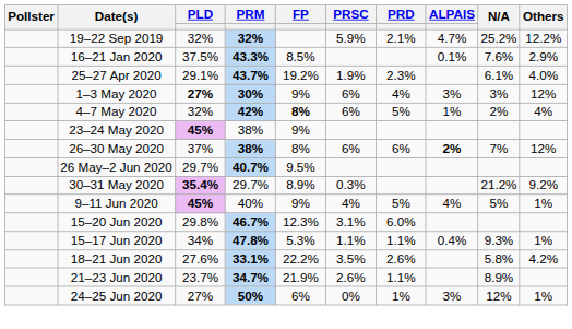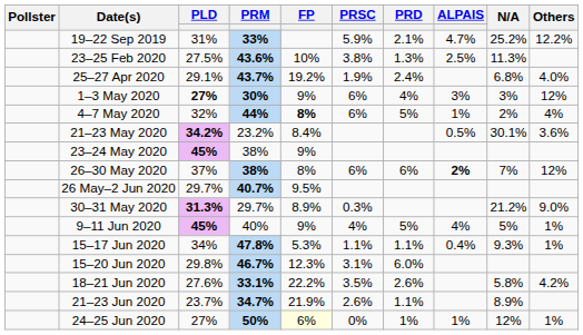 <table class="wikitable sortable" style="text-align:center;font-size:90%;line-height:14px;">
 <tr>
 <th rowspan="2">Pollster</th>
 <th rowspan="2">Date(s)</th>
 <th style="width:50px;"><a href='#'>PLD</a></th>
 <th style="width:50px;"><a href='#'>PRM</a></th>
 <th style="width:50px;"><a href='#'>FP</a></th>
 <th style="width:50px;"><a href='#'>PRSC</a></th>
 <th style="width:50px;"><a href='#'>PRD</a></th>
 <th style="width:50px;"><a href='#'>ALPAIS</a></th>
 <th rowspan="2">N/A</th>
 <th rowspan="2">Others</th>
 </tr>
 <tr>
 <th style="background:"></th>
 <th style="background:"></th>
 <th style="background:"></th>
 <th style="background:"></th>
 <th style="background:"></th>
 <th style="background:"></th>
 </tr>
 <tr>
 <td></td>
 <td>19–22 Sep 2019</td>
-<td>32%</td>
-<td style="background:#BCDAF5;"><strong>32%</strong></td>
+<td>31%</td>
+<td style="background:#BCDAF5;"><strong>33%</strong></td>
 <td></td>
 <td>5.9%</td>
 <td>2.1%</td>
 <td>4.7%</td>
 <td>25.2%</td>
 <td>12.2%</td>
 </tr>
 <tr>
 <td></td>
-<td>16–21 Jan 2020</td>
-<td>37.5%</td>
-<td style="background:#BCDAF5;"><strong>43.3%</strong></td>
-<td>8.5%</td>
+<td>23–25 Feb 2020</td>
+<td>27.5%</td>
+<td style="background:#BCDAF5;"><strong>43.6%</strong></td>
+<td>10%</td>
+<td>3.8%</td>
+<td>1.3%</td>
+<td>2.5%</td>
+<td>11.3%</td>
 <td></td>
-<td></td>
-<td>0.1%</td>
-<td>7.6%</td>
-<td>2.9%</td>
 </tr>
 <tr>
 <td></td>
 <td>25–27 Apr 2020</td>
 <td>29.1%</td>
 <td style="background:#BCDAF5;"><strong>43.7%</strong></td>
 <td>19.2%</td>
 <td>1.9%</td>
-<td>2.3%</td>
+<td>2.4%</td>
 <td></td>
-<td>6.1%</td>
+<td>6.8%</td>
 <td>4.0%</td>
 </tr>
 <tr>
 <td></td>
 <td>1–3 May 2020</td>
 <td><strong>27%</strong></td>
 <td style="background:#BCDAF5;"><strong>30%</strong></td>
 <td>9%</td>
 <td>6%</td>
 <td>4%</td>
 <td>3%</td>
 <td>3%</td>
 <td>12%</td>
 </tr>
 <tr>
 <td></td>
 <td>4–7 May 2020</td>
 <td>32%</td>
-<td style="background:#BCDAF5;"><strong>42%</strong></td>
+<td style="background:#BCDAF5;"><strong>44%</strong></td>
 <td><strong>8%</strong></td>
 <td>6%</td>
 <td>5%</td>
 <td>1%</td>
 <td>2%</td>
 <td>4%</td>
+</tr>
+<tr>
+<td></td>
+<td>21–23 May 2020</td>
+<td style="background:#ECBAF5;"><strong>34.2%</strong></td>
+<td>23.2%</td>
+<td>8.4%</td>
+<td></td>
+<td></td>
+<td>0.5%</td>
+<td>30.1%</td>
+<td>3.6%</td>
 </tr>
 <tr>
 <td></td>
 <td>23–24 May 2020</td>
 <td style="background:#ECBAF5;"><strong>45%</strong></td>
 <td>38%</td>
 <td>9%</td>
 <td></td>
 <td></td>
 <td></td>
 <td></td>
 <td></td>
 </tr>
 <tr>
 <td></td>
 <td>26–30 May 2020</td>
 <td>37%</td>
 <td style="background:#BCDAF5;"><strong>38%</strong></td>
 <td>8%</td>
 <td>6%</td>
 <td>6%</td>
 <td><strong>2%</strong></td>
 <td>7%</td>
 <td>12%</td>
 </tr>
 <tr>
 <td></td>
 <td>26 May–2 Jun 2020</td>
 <td>29.7%</td>
 <td style="background:#BCDAF5;"><strong>40.7%</strong></td>
 <td>9.5%</td>
 <td></td>
 <td></td>
 <td></td>
 <td></td>
 <td></td>
 </tr>
 <tr>
 <td></td>
 <td>30–31 May 2020</td>
-<td style="background:#ECBAF5;"><strong>35.4%</strong></td>
+<td style="background:#ECBAF5;"><strong>31.3%</strong></td>
 <td>29.7%</td>
 <td>8.9%</td>
 <td>0.3%</td>
 <td></td>
 <td></td>
 <td>21.2%</td>
-<td>9.2%</td>
+<td>9.0%</td>
 </tr>
 <tr>
 <td></td>
 <td>9–11 Jun 2020</td>
 <td style="background:#ECBAF5;"><strong>45%</strong></td>
 <td>40%</td>
 <td>9%</td>
 <td>4%</td>
 <td>5%</td>
 <td>4%</td>
 <td>5%</td>
 <td>1%</td>
 </tr>
 <tr>
 <td></td>
+<td>15–17 Jun 2020</td>
+<td>34%</td>
+<td style="background:#BCDAF5;"><strong>47.8%</strong></td>
+<td>5.3%</td>
+<td>1.1%</td>
+<td>1.1%</td>
+<td>0.4%</td>
+<td>9.3%</td>
+<td>1%</td>
+</tr>
+<tr>
+<td></td>
 <td>15–20 Jun 2020</td>
 <td>29.8%</td>
 <td style="background:#BCDAF5;"><strong>46.7%</strong></td>
 <td>12.3%</td>
 <td>3.1%</td>
 <td>6.0%</td>
 <td></td>
 <td></td>
 <td></td>
-</tr>
-<tr>
-<td></td>
-<td>15–17 Jun 2020</td>
-<td>34%</td>
-<td style="background:#BCDAF5;"><strong>47.8%</strong></td>
-<td>5.3%</td>
-<td>1.1%</td>
-<td>1.1%</td>
-<td>0.4%</td>
-<td>9.3%</td>
-<td>1%</td>
 </tr>
 <tr>
 <td></td>
 <td>18–21 Jun 2020</td>
 <td>27.6%</td>
 <td style="background:#BCDAF5;"><strong>33.1%</strong></td>
 <td>22.2%</td>
 <td>3.5%</td>
 <td>2.6%</td>
 <td></td>
 <td>5.8%</td>
 <td>4.2%</td>
 </tr>
 <tr>
 <td></td>
 <td>21–23 Jun 2020</td>
 <td>23.7%</td>
 <td style="background:#BCDAF5;"><strong>34.7%</strong></td>
 <td>21.9%</td>
 <td>2.6%</td>
 <td>1.1%</td>
 <td></td>
 <td>8.9%</td>
 <td></td>
 </tr>
 <tr>
 <td></td>
 <td>24–25 Jun 2020</td>
 <td>27%</td>
 <td style="background:#BCDAF5;"><strong>50%</strong></td>
-<td>6%</td>
+<td style="background: lightyellow;">6%</td>
 <td>0%</td>
 <td>1%</td>
-<td>3%</td>
+<td>1%</td>
 <td>12%</td>
 <td>1%</td>
 </tr>
 </table>
